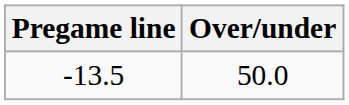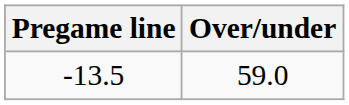 <table class="wikitable" style="margin-left: auto; margin-right: auto; border: none; display: inline-table;">
 <tr align="center">
 <th style=>Pregame line</th>
 <th style=>Over/under</th>
 </tr>
 <tr align="center">
 <td>-13.5</td>
-<td>50.0</td>
+<td>59.0</td>
 </tr>
 </table>
